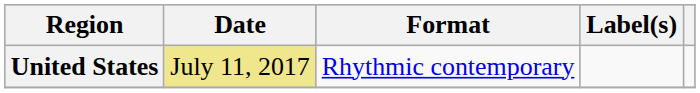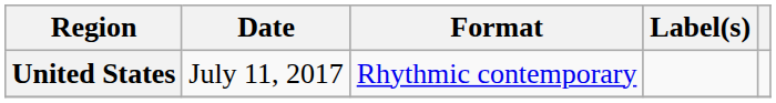 <table class="wikitable sortable plainrowheaders">
 <tr>
 <th>Region</th>
 <th>Date</th>
 <th>Format</th>
 <th>Label(s)</th>
 <th></th>
 </tr>
 <tr>
 <th scope="row">United States</th>
-<td style="background: khaki;">July 11, 2017</td>
+<td>July 11, 2017</td>
 <td><a href='#'>Rhythmic contemporary</a></td>
 <td></td>
 <td style="text-align:center;"></td>
 </tr>
 <tr>
 </tr>
 </table>
